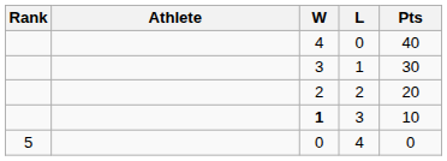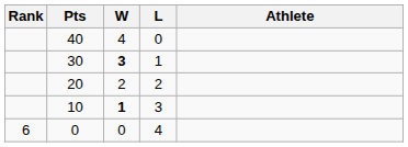 <table class="wikitable" style="text-align: center; font-size:90% ">
 <tr>
 <th width="20">Rank</th>
-<th width="220">Athlete</th>
+<th width="50">Pts</th>
 <th width="30">W</th>
 <th width="30">L</th>
-<th width="50">Pts</th>
+<th width="220">Athlete</th>
 </tr>
 <tr>
 <td></td>
-<td align=left><strong></strong></td>
+<td>40</td>
 <td>4</td>
 <td>0</td>
-<td>40</td>
+<td align=left><strong></strong></td>
 </tr>
 <tr>
 <td></td>
+<td>30</td>
+<td><strong>3</strong></td>
+<td>1</td>
 <td align=left><strong></strong></td>
-<td>3</td>
-<td>1</td>
-<td>30</td>
 </tr>
 <tr>
 <td></td>
-<td align=left><strong></strong></td>
+<td>20</td>
 <td>2</td>
 <td>2</td>
-<td>20</td>
+<td align=left><strong></strong></td>
 </tr>
 <tr>
 <td></td>
-<td align=left><strong></strong></td>
+<td>10</td>
 <td><strong>1</strong></td>
 <td>3</td>
-<td>10</td>
+<td align=left><strong></strong></td>
 </tr>
 <tr>
-<td>5</td>
-<td align=left></td>
+<td>6</td>
+<td>0</td>
 <td>0</td>
 <td>4</td>
-<td>0</td>
+<td align=left></td>
 </tr>
 </table>
